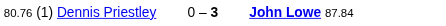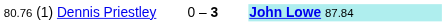 <table style="text-align:center">
 <tr>
 <th width=223></th>
 <th width=100></th>
 <th width=223></th>
 </tr>
 <tr>
 <td align=right><small>80.76</small> (1) <a href='#'>Dennis Priestley</a> </td>
 <td>0 – <strong>3</strong></td>
-<td align=left> <strong><a href='#'>John Lowe</a></strong> <small>87.84</small></td>
+<td align=left style="background: paleturquoise;"> <strong><a href='#'>John Lowe</a></strong> <small>87.84</small></td>
 </tr>
 </table>
